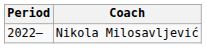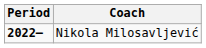 <table class="wikitable" style="font-size: 95%;">
 <tr>
 <th>Period</th>
 <th>Coach</th>
 </tr>
 <tr>
-<td>2022–</td>
+<td><strong>2022–</strong></td>
 <td> Nikola Milosavljević</td>
 </tr>
 </table>
